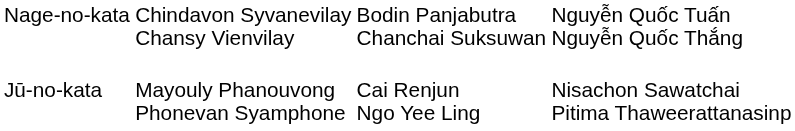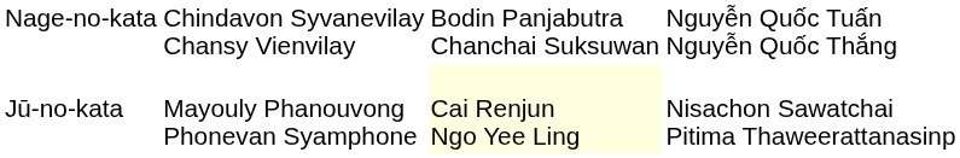 <table>
 <tr>
 <td>Nage-no-kata</td>
 <td nowrap=true><br>Chindavon Syvanevilay<br>Chansy Vienvilay</td>
 <td nowrap=true><br>Bodin Panjabutra<br>Chanchai Suksuwan</td>
 <td><br>Nguyễn Quốc Tuấn<br>Nguyễn Quốc Thắng</td>
 </tr>
 <tr>
 <td>Jū-no-kata</td>
 <td><br>Mayouly Phanouvong<br>Phonevan Syamphone</td>
-<td><br>Cai Renjun<br>Ngo Yee Ling</td>
+<td style="background: lightyellow;"><br>Cai Renjun<br>Ngo Yee Ling</td>
 <td nowrap=true><br>Nisachon Sawatchai<br>Pitima Thaweerattanasinp</td>
 </tr>
 </table>
